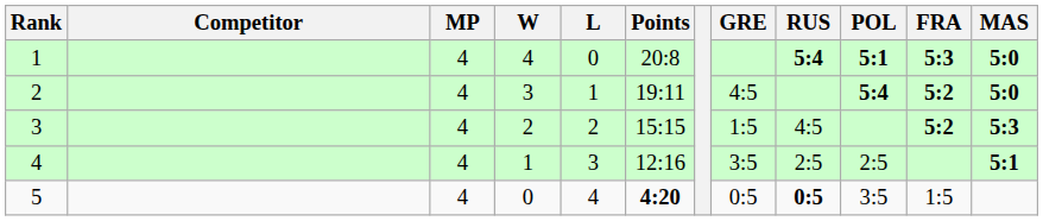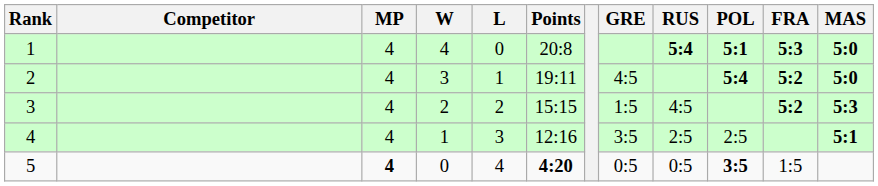 <table class="wikitable" style="text-align:center">
 <tr>
 <th>Rank</th>
 <th style="width:16em">Competitor</th>
 <th style="width:2.5em">MP</th>
 <th style="width:2.5em">W</th>
 <th style="width:2.5em">L</th>
 <th>Points</th>
 <th rowspan="6"> </th>
 <th style="width:2.5em">GRE</th>
 <th style="width:2.5em">RUS</th>
 <th style="width:2.5em">POL</th>
 <th style="width:2.5em">FRA</th>
 <th style="width:2.5em">MAS</th>
 </tr>
 <tr style="background:#cfc;">
 <td>1</td>
 <td style="text-align:left"></td>
 <td>4</td>
 <td>4</td>
 <td>0</td>
 <td>20:8</td>
 <td></td>
 <td><strong>5:4</strong></td>
 <td><strong>5:1</strong></td>
 <td><strong>5:3</strong></td>
 <td><strong>5:0</strong></td>
 </tr>
 <tr style="background:#cfc;">
 <td>2</td>
 <td style="text-align:left"></td>
 <td>4</td>
 <td>3</td>
 <td>1</td>
 <td>19:11</td>
 <td>4:5</td>
 <td></td>
 <td><strong>5:4</strong></td>
 <td><strong>5:2</strong></td>
 <td><strong>5:0</strong></td>
 </tr>
 <tr style="background:#cfc;">
 <td>3</td>
 <td style="text-align:left"></td>
 <td>4</td>
 <td>2</td>
 <td>2</td>
 <td>15:15</td>
 <td>1:5</td>
 <td>4:5</td>
 <td></td>
 <td><strong>5:2</strong></td>
 <td><strong>5:3</strong></td>
 </tr>
 <tr style="background:#cfc;">
 <td>4</td>
 <td style="text-align:left"></td>
 <td>4</td>
 <td>1</td>
 <td>3</td>
 <td>12:16</td>
 <td>3:5</td>
 <td>2:5</td>
 <td>2:5</td>
 <td></td>
 <td><strong>5:1</strong></td>
 </tr>
 <tr>
 <td>5</td>
 <td style="text-align:left"></td>
-<td>4</td>
+<td><strong>4</strong></td>
 <td>0</td>
 <td>4</td>
 <td><strong>4:20</strong></td>
 <td>0:5</td>
-<td><strong>0:5</strong></td>
-<td>3:5</td>
+<td>0:5</td>
+<td><strong>3:5</strong></td>
 <td>1:5</td>
 <td></td>
 </tr>
 </table>
